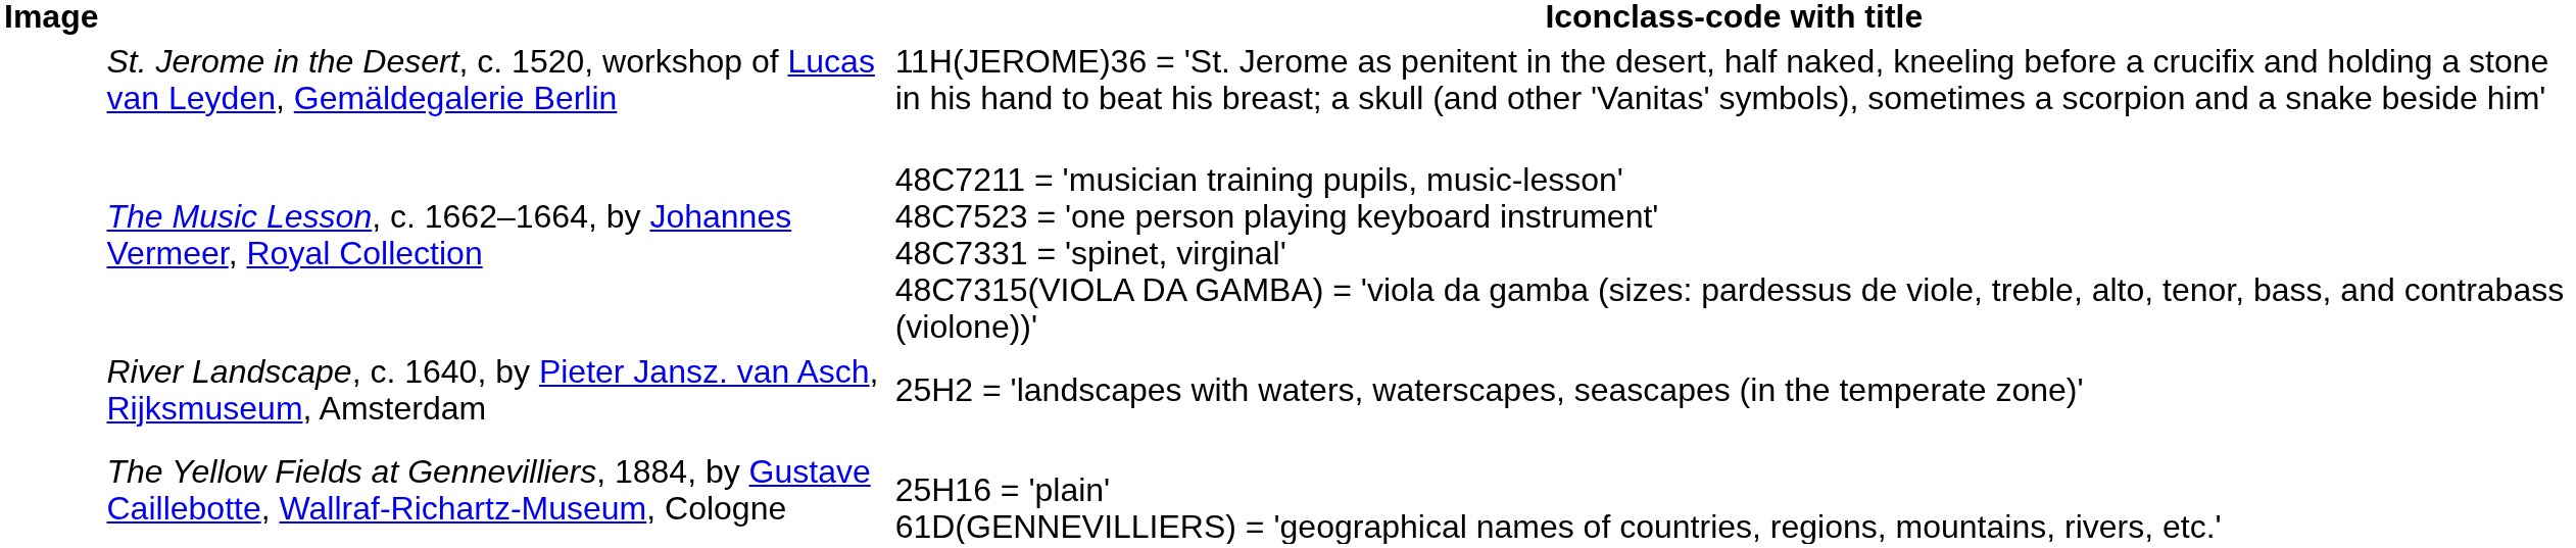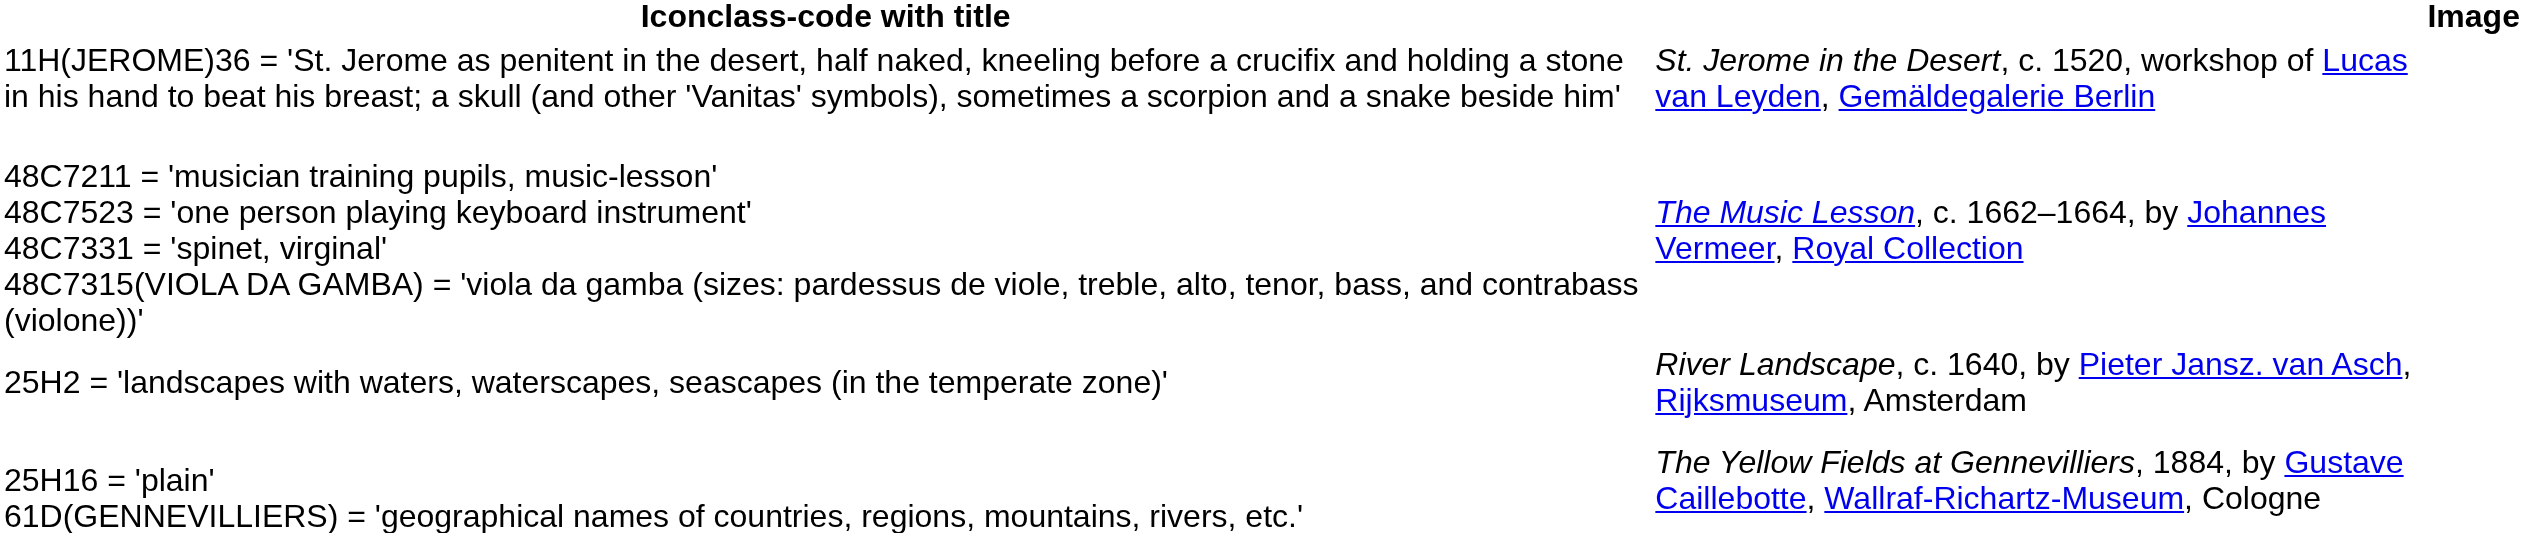 <table class="toccolours">
 <tr>
+<th>Iconclass-code with title</th>
+<th></th>
 <th>Image</th>
-<th></th>
-<th>Iconclass-code with title</th>
 </tr>
 <tr>
+<td>11H(JEROME)36 = 'St. Jerome as penitent in the desert, half naked, kneeling before a crucifix and holding a stone in his hand to beat his breast; a skull (and other 'Vanitas' symbols), sometimes a scorpion and a snake beside him'</td>
+<td><em>St. Jerome in the Desert</em>, c. 1520, workshop of <a href='#'>Lucas van Leyden</a>, <a href='#'>Gemäldegalerie Berlin</a></td>
 <td></td>
-<td><em>St. Jerome in the Desert</em>, c. 1520, workshop of <a href='#'>Lucas van Leyden</a>, <a href='#'>Gemäldegalerie Berlin</a></td>
-<td>11H(JEROME)36 = 'St. Jerome as penitent in the desert, half naked, kneeling before a crucifix and holding a stone in his hand to beat his breast; a skull (and other 'Vanitas' symbols), sometimes a scorpion and a snake beside him'</td>
 </tr>
 <tr>
+<td><br>48C7211 = 'musician training pupils, music-lesson'<br> 48C7523 = 'one person playing keyboard instrument'<br> 48C7331 = 'spinet, virginal'<br> 48C7315(VIOLA DA GAMBA) = 'viola da gamba (sizes: pardessus de viole, treble, alto, tenor, bass, and contrabass (violone))'</td>
+<td><em><a href='#'>The Music Lesson</a></em>, c. 1662–1664, by <a href='#'>Johannes Vermeer</a>, <a href='#'>Royal Collection</a></td>
 <td></td>
-<td><em><a href='#'>The Music Lesson</a></em>, c. 1662–1664, by <a href='#'>Johannes Vermeer</a>, <a href='#'>Royal Collection</a></td>
-<td><br>48C7211 = 'musician training pupils, music-lesson'<br> 48C7523 = 'one person playing keyboard instrument'<br> 48C7331 = 'spinet, virginal'<br> 48C7315(VIOLA DA GAMBA) = 'viola da gamba (sizes: pardessus de viole, treble, alto, tenor, bass, and contrabass (violone))'</td>
 </tr>
 <tr>
+<td>25H2 = 'landscapes with waters, waterscapes, seascapes (in the temperate zone)'</td>
+<td><em>River Landscape</em>, c. 1640, by <a href='#'>Pieter Jansz. van Asch</a>, <a href='#'>Rijksmuseum</a>, Amsterdam</td>
 <td></td>
-<td><em>River Landscape</em>, c. 1640, by <a href='#'>Pieter Jansz. van Asch</a>, <a href='#'>Rijksmuseum</a>, Amsterdam</td>
-<td>25H2 = 'landscapes with waters, waterscapes, seascapes (in the temperate zone)'</td>
 </tr>
 <tr>
+<td><br>25H16 = 'plain'<br> 61D(GENNEVILLIERS) = 'geographical names of countries, regions, mountains, rivers, etc.'</td>
+<td><em>The Yellow Fields at Gennevilliers</em>, 1884, by <a href='#'>Gustave Caillebotte</a>, <a href='#'>Wallraf-Richartz-Museum</a>, Cologne</td>
 <td></td>
-<td><em>The Yellow Fields at Gennevilliers</em>, 1884, by <a href='#'>Gustave Caillebotte</a>, <a href='#'>Wallraf-Richartz-Museum</a>, Cologne</td>
-<td><br>25H16 = 'plain'<br> 61D(GENNEVILLIERS) = 'geographical names of countries, regions, mountains, rivers, etc.'</td>
 </tr>
 </table>
